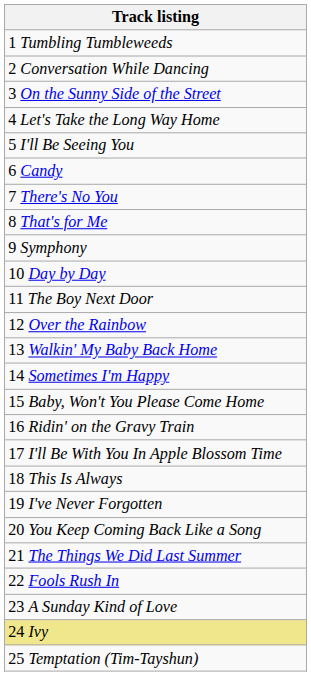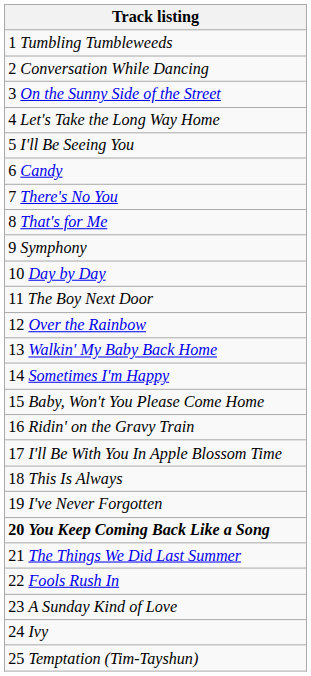 <table class="wikitable collapsible collapsed" style="width:300px;">
 <tr>
 <th>Track listing</th>
 </tr>
 <tr>
 <td>1 <em>Tumbling Tumbleweeds</em></td>
 </tr>
 <tr>
 <td>2 <em>Conversation While Dancing</em></td>
 </tr>
 <tr>
 <td>3 <em><a href='#'>On the Sunny Side of the Street</a></em></td>
 </tr>
 <tr>
 <td>4 <em>Let's Take the Long Way Home</em></td>
 </tr>
 <tr>
 <td>5 <em>I'll Be Seeing You</em></td>
 </tr>
 <tr>
 <td>6 <em><a href='#'>Candy</a></em></td>
 </tr>
 <tr>
 <td>7 <em><a href='#'>There's No You</a></em></td>
 </tr>
 <tr>
 <td>8 <em><a href='#'>That's for Me</a></em></td>
 </tr>
 <tr>
 <td>9 <em>Symphony</em></td>
 </tr>
 <tr>
 <td>10 <em><a href='#'>Day by Day</a></em></td>
 </tr>
 <tr>
 <td>11 <em>The Boy Next Door</em></td>
 </tr>
 <tr>
 <td>12 <em><a href='#'>Over the Rainbow</a></em></td>
 </tr>
 <tr>
 <td>13 <em><a href='#'>Walkin' My Baby Back Home</a></em></td>
 </tr>
 <tr>
 <td>14 <em><a href='#'>Sometimes I'm Happy</a></em></td>
 </tr>
 <tr>
 <td>15 <em>Baby, Won't You Please Come Home</em></td>
 </tr>
 <tr>
 <td>16 <em>Ridin' on the Gravy Train</em></td>
 </tr>
 <tr>
 <td>17 <em>I'll Be With You In Apple Blossom Time</em></td>
 </tr>
 <tr>
 <td>18 <em>This Is Always</em></td>
 </tr>
 <tr>
 <td>19 <em>I've Never Forgotten</em></td>
 </tr>
 <tr>
-<td>20 <em>You Keep Coming Back Like a Song</em></td>
+<td><strong>20 <em>You Keep Coming Back Like a Song</em></strong></td>
 </tr>
 <tr>
 <td>21 <em><a href='#'>The Things We Did Last Summer</a></em></td>
 </tr>
 <tr>
 <td>22 <em><a href='#'>Fools Rush In</a></em></td>
 </tr>
 <tr>
 <td>23 <em>A Sunday Kind of Love</em></td>
 </tr>
 <tr>
-<td style="background: khaki;">24 <em>Ivy</em></td>
+<td>24 <em>Ivy</em></td>
 </tr>
 <tr>
 <td>25 <em>Temptation (Tim-Tayshun)</em></td>
 </tr>
 </table>
